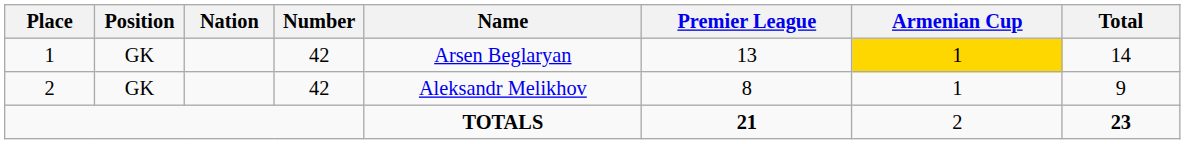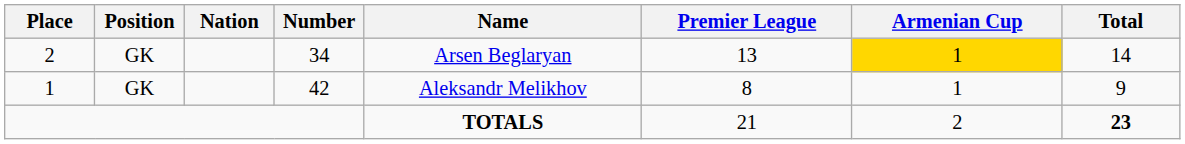 <table class="wikitable" style="font-size: 95%; text-align: center;">
 <tr>
 <th width=60>Place</th>
 <th width=60>Position</th>
 <th width=60>Nation</th>
 <th width=60>Number</th>
 <th width=200>Name</th>
 <th width=150><a href='#'>Premier League</a></th>
 <th width=150><a href='#'>Armenian Cup</a></th>
 <th width=80><strong>Total</strong></th>
 </tr>
 <tr>
-<td>1</td>
+<td>2</td>
 <td>GK</td>
 <td></td>
-<td>42</td>
+<td>34</td>
 <td><a href='#'>Arsen Beglaryan</a></td>
 <td>13</td>
 <td style="background: gold;">1</td>
 <td>14</td>
 </tr>
 <tr>
-<td>2</td>
+<td>1</td>
 <td>GK</td>
 <td></td>
 <td>42</td>
 <td><a href='#'>Aleksandr Melikhov</a></td>
 <td>8</td>
 <td>1</td>
 <td>9</td>
 </tr>
 <tr>
 <td colspan="4"></td>
 <td><strong>TOTALS</strong></td>
-<td><strong>21</strong></td>
+<td>21</td>
 <td>2</td>
 <td><strong>23</strong></td>
 </tr>
 </table>
